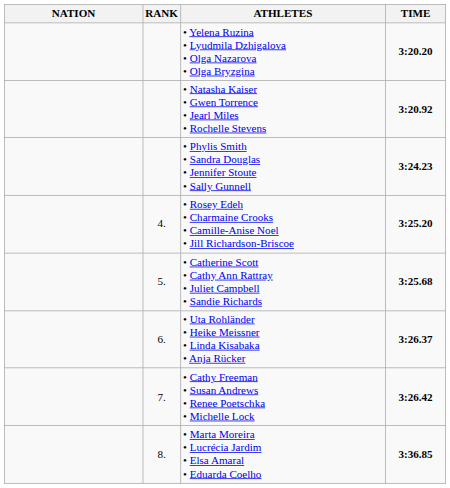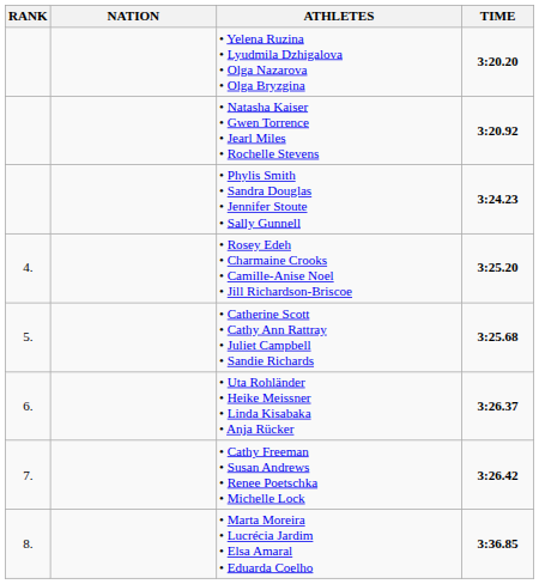 <table class="wikitable" style="border-collapse: collapse; font-size: 90%;">
 <tr>
+<th>RANK</th>
 <th style="width: 12em">NATION</th>
-<th>RANK</th>
 <th style="width: 18em">ATHLETES</th>
 <th style="width: 5em">TIME</th>
 </tr>
 <tr>
 <td align="center"></td>
 <td align="center"></td>
 <td>• <a href='#'>Yelena Ruzina</a><br>• <a href='#'>Lyudmila Dzhigalova</a><br>• <a href='#'>Olga Nazarova</a><br>• <a href='#'>Olga Bryzgina</a></td>
 <td align="center"><strong>3:20.20</strong></td>
 </tr>
 <tr>
 <td align="center"></td>
 <td align="center"></td>
 <td>• <a href='#'>Natasha Kaiser</a><br>• <a href='#'>Gwen Torrence</a><br>• <a href='#'>Jearl Miles</a><br>• <a href='#'>Rochelle Stevens</a></td>
 <td align="center"><strong>3:20.92</strong></td>
 </tr>
 <tr>
 <td align="center"></td>
 <td align="center"></td>
 <td>• <a href='#'>Phylis Smith</a><br>• <a href='#'>Sandra Douglas</a><br>• <a href='#'>Jennifer Stoute</a><br>• <a href='#'>Sally Gunnell</a></td>
 <td align="center"><strong>3:24.23</strong></td>
 </tr>
 <tr>
+<td align="center">4.</td>
 <td align="center"></td>
-<td align="center">4.</td>
 <td>• <a href='#'>Rosey Edeh</a><br>• <a href='#'>Charmaine Crooks</a><br>• <a href='#'>Camille-Anise Noel</a><br>• <a href='#'>Jill Richardson-Briscoe</a></td>
 <td align="center"><strong>3:25.20</strong></td>
 </tr>
 <tr>
+<td align="center">5.</td>
 <td align="center"></td>
-<td align="center">5.</td>
 <td>• <a href='#'>Catherine Scott</a><br>• <a href='#'>Cathy Ann Rattray</a><br>• <a href='#'>Juliet Campbell</a><br>• <a href='#'>Sandie Richards</a></td>
 <td align="center"><strong>3:25.68</strong></td>
 </tr>
 <tr>
+<td align="center">6.</td>
 <td align="center"></td>
-<td align="center">6.</td>
 <td>• <a href='#'>Uta Rohländer</a><br>• <a href='#'>Heike Meissner</a><br>• <a href='#'>Linda Kisabaka</a><br>• <a href='#'>Anja Rücker</a></td>
 <td align="center"><strong>3:26.37</strong></td>
 </tr>
 <tr>
+<td align="center">7.</td>
 <td align="center"></td>
-<td align="center">7.</td>
 <td>• <a href='#'>Cathy Freeman</a><br>• <a href='#'>Susan Andrews</a><br>• <a href='#'>Renee Poetschka</a><br>• <a href='#'>Michelle Lock</a></td>
 <td align="center"><strong>3:26.42</strong></td>
 </tr>
 <tr>
+<td align="center">8.</td>
 <td align="center"></td>
-<td align="center">8.</td>
 <td>• <a href='#'>Marta Moreira</a><br>• <a href='#'>Lucrécia Jardim</a><br>• <a href='#'>Elsa Amaral</a><br>• <a href='#'>Eduarda Coelho</a></td>
 <td align="center"><strong>3:36.85</strong></td>
 </tr>
 </table>
